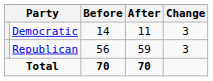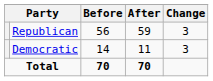 <table class="wikitable" style="text-align:center;">
 <tr>
 </tr>
 <tr>
 <th colspan=2>Party</th>
 <th>Before</th>
 <th>After</th>
 <th>Change</th>
 </tr>
 <tr>
 <th style="background-color:"></th>
-<td style="text-align:left;"><a href='#'>Democratic</a></td>
-<td>14</td>
-<td>11</td>
+<td style="text-align:left;"><a href='#'>Republican</a></td>
+<td>56</td>
+<td>59</td>
 <td> 3</td>
 </tr>
 <tr>
 <th style="background-color:"></th>
-<td style="text-align:left;"><a href='#'>Republican</a></td>
-<td>56</td>
-<td>59</td>
+<td style="text-align:left;"><a href='#'>Democratic</a></td>
+<td>14</td>
+<td>11</td>
 <td> 3</td>
 </tr>
 <tr>
 <td colspan=2><strong>Total</strong></td>
 <td><strong>70</strong></td>
 <td><strong>70</strong></td>
 <td></td>
 </tr>
 </table>
